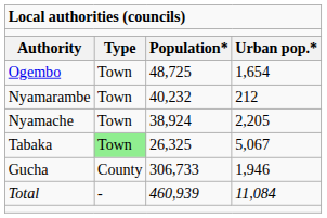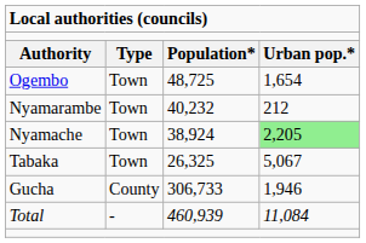 <table class="wikitable">
 <tr>
 <td colspan="4"><strong>Local authorities (councils)</strong></td>
 </tr>
 <tr>
 <td colspan="4"></td>
 </tr>
 <tr>
 <th>Authority</th>
 <th>Type</th>
 <th>Population*</th>
 <th>Urban pop.*</th>
 </tr>
 <tr>
 <td><a href='#'>Ogembo</a></td>
 <td>Town</td>
 <td>48,725</td>
 <td>1,654</td>
 </tr>
 <tr>
 <td>Nyamarambe</td>
 <td>Town</td>
 <td>40,232</td>
 <td>212</td>
 </tr>
 <tr>
 <td>Nyamache</td>
 <td>Town</td>
 <td>38,924</td>
-<td>2,205</td>
+<td style="background: lightgreen;">2,205</td>
 </tr>
 <tr>
 <td>Tabaka</td>
-<td style="background: lightgreen;">Town</td>
+<td>Town</td>
 <td>26,325</td>
 <td>5,067</td>
 </tr>
 <tr>
 <td>Gucha</td>
 <td>County</td>
 <td>306,733</td>
 <td>1,946</td>
 </tr>
 <tr>
 <td><em>Total</em></td>
 <td>-</td>
 <td><em>460,939</em></td>
 <td><em>11,084</em></td>
 </tr>
 <tr>
 <td colspan="4"></td>
 </tr>
 </table>
